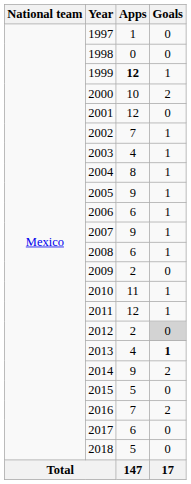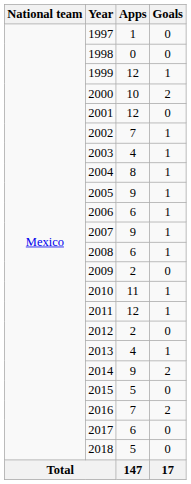 <table class="wikitable" style="text-align:center">
 <tr>
 <th>National team</th>
 <th>Year</th>
 <th>Apps</th>
 <th>Goals</th>
 </tr>
 <tr>
 <td rowspan="22"><a href='#'>Mexico</a></td>
 <td>1997</td>
 <td>1</td>
 <td>0</td>
 </tr>
 <tr>
 <td>1998</td>
 <td>0</td>
 <td>0</td>
 </tr>
 <tr>
 <td>1999</td>
-<td><strong>12</strong></td>
+<td>12</td>
 <td>1</td>
 </tr>
 <tr>
 <td>2000</td>
 <td>10</td>
 <td>2</td>
 </tr>
 <tr>
 <td>2001</td>
 <td>12</td>
 <td>0</td>
 </tr>
 <tr>
 <td>2002</td>
 <td>7</td>
 <td>1</td>
 </tr>
 <tr>
 <td>2003</td>
 <td>4</td>
 <td>1</td>
 </tr>
 <tr>
 <td>2004</td>
 <td>8</td>
 <td>1</td>
 </tr>
 <tr>
 <td>2005</td>
 <td>9</td>
 <td>1</td>
 </tr>
 <tr>
 <td>2006</td>
 <td>6</td>
 <td>1</td>
 </tr>
 <tr>
 <td>2007</td>
 <td>9</td>
 <td>1</td>
 </tr>
 <tr>
 <td>2008</td>
 <td>6</td>
 <td>1</td>
 </tr>
 <tr>
 <td>2009</td>
 <td>2</td>
 <td>0</td>
 </tr>
 <tr>
 <td>2010</td>
 <td>11</td>
 <td>1</td>
 </tr>
 <tr>
 <td>2011</td>
 <td>12</td>
 <td>1</td>
 </tr>
 <tr>
 <td>2012</td>
 <td>2</td>
-<td style="background: lightgrey;">0</td>
+<td>0</td>
 </tr>
 <tr>
 <td>2013</td>
 <td>4</td>
-<td><strong>1</strong></td>
+<td>1</td>
 </tr>
 <tr>
 <td>2014</td>
 <td>9</td>
 <td>2</td>
 </tr>
 <tr>
 <td>2015</td>
 <td>5</td>
 <td>0</td>
 </tr>
 <tr>
 <td>2016</td>
 <td>7</td>
 <td>2</td>
 </tr>
 <tr>
 <td>2017</td>
 <td>6</td>
 <td>0</td>
 </tr>
 <tr>
 <td>2018</td>
 <td>5</td>
 <td>0</td>
 </tr>
 <tr>
 <th colspan="2">Total</th>
 <th>147</th>
 <th>17</th>
 </tr>
 </table>
